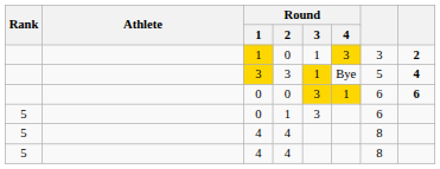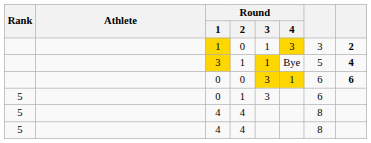 <table class="wikitable" style="text-align: center;">
 <tr>
 <th rowspan="2" width=40>Rank</th>
 <th rowspan="2" width=250>Athlete</th>
 <th colspan="4">Round</th>
 <th rowspan="2" width=40></th>
 <th rowspan="2" width=40></th>
 </tr>
 <tr>
 <th width=30>1</th>
 <th width=30>2</th>
 <th width=30>3</th>
 <th width=30>4</th>
 </tr>
 <tr>
 <td></td>
 <td align="left"></td>
 <td bgcolor=gold>1</td>
 <td>0</td>
 <td>1</td>
 <td bgcolor=gold>3</td>
 <td>3</td>
 <td><strong>2</strong></td>
 </tr>
 <tr>
 <td></td>
 <td align="left"></td>
 <td bgcolor=gold>3</td>
-<td>3</td>
+<td>1</td>
 <td bgcolor=gold>1</td>
 <td>Bye</td>
 <td>5</td>
 <td><strong>4</strong></td>
 </tr>
 <tr>
 <td></td>
 <td align="left"></td>
 <td>0</td>
 <td>0</td>
 <td bgcolor=gold>3</td>
 <td bgcolor=gold>1</td>
 <td>6</td>
 <td><strong>6</strong></td>
 </tr>
 <tr>
 <td>5</td>
 <td align="left"></td>
 <td>0</td>
 <td>1</td>
 <td>3</td>
 <td></td>
 <td>6</td>
 <td></td>
 </tr>
 <tr>
 <td>5</td>
 <td align="left"></td>
 <td>4</td>
 <td>4</td>
 <td></td>
 <td></td>
 <td>8</td>
 <td></td>
 </tr>
 <tr>
 <td>5</td>
 <td align="left"></td>
 <td>4</td>
 <td>4</td>
 <td></td>
 <td></td>
 <td>8</td>
 <td></td>
 </tr>
 </table>
